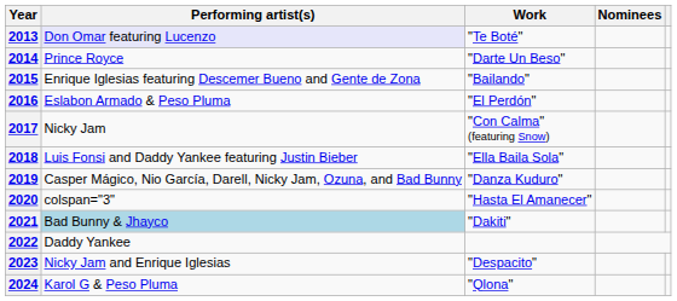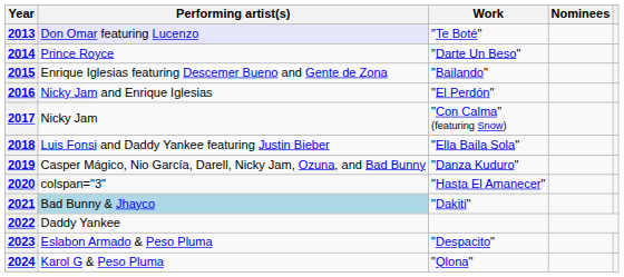 <table class="wikitable">
 <tr>
 <th>Year</th>
 <th>Performing artist(s)</th>
 <th>Work</th>
 <th>Nominees</th>
 <th></th>
 </tr>
 <tr>
 <th scope="row"><a href='#'>2013</a></th>
 <td style="background: lavender;"><a href='#'>Don Omar</a> featuring <a href='#'>Lucenzo</a></td>
 <td>"<a href='#'>Te Boté</a>"</td>
 <td></td>
 <td style="text-align:center;"></td>
 </tr>
 <tr>
 <th scope="row"><a href='#'>2014</a></th>
 <td><a href='#'>Prince Royce</a></td>
 <td>"<a href='#'>Darte Un Beso</a>"</td>
 <td></td>
 <td style="text-align:center;"><br></td>
 </tr>
 <tr>
 <th scope="row"><a href='#'>2015</a></th>
 <td>Enrique Iglesias featuring <a href='#'>Descemer Bueno</a> and <a href='#'>Gente de Zona</a></td>
 <td>"<a href='#'>Bailando</a>"</td>
 <td></td>
 <td style="text-align:center;"><br></td>
 </tr>
 <tr>
 <th scope="row"><a href='#'>2016</a></th>
-<td><a href='#'>Eslabon Armado</a> & <a href='#'>Peso Pluma</a></td>
+<td><a href='#'>Nicky Jam</a> and Enrique Iglesias</td>
 <td>"<a href='#'>El Perdón</a>"</td>
 <td></td>
 <td style="text-align:center;"></td>
 </tr>
 <tr>
 <th scope="row"><a href='#'>2017</a></th>
 <td>Nicky Jam</td>
 <td>"<a href='#'>Con Calma</a>"<br><small>(featuring <a href='#'>Snow</a>)</small></td>
 <td></td>
 <td style="text-align:center;"></td>
 </tr>
 <tr>
 <th scope="row"><a href='#'>2018</a></th>
 <td><a href='#'>Luis Fonsi</a> and Daddy Yankee featuring <a href='#'>Justin Bieber</a></td>
 <td>"<a href='#'>Ella Baila Sola</a>"</td>
 <td></td>
 <td style="text-align:center;"></td>
 </tr>
 <tr>
 <th scope="row"><a href='#'>2019</a></th>
 <td>Casper Mágico, Nio García, Darell, Nicky Jam, <a href='#'>Ozuna</a>, and <a href='#'>Bad Bunny</a></td>
 <td>"<a href='#'>Danza Kuduro</a>"</td>
 <td></td>
 <td style="text-align:center;"></td>
 </tr>
 <tr>
 <th scope="row"><a href='#'>2020</a></th>
 <td>colspan="3"</td>
 <td>"<a href='#'>Hasta El Amanecer</a>"</td>
 <td></td>
 <td style="text-align:center;"></td>
 </tr>
 <tr>
 <th scope="row"><a href='#'>2021</a></th>
 <td style="background: lightblue;">Bad Bunny & <a href='#'>Jhayco</a></td>
 <td>"<a href='#'>Dakiti</a>"</td>
 <td></td>
 <td style="text-align:center;"></td>
 </tr>
 <tr>
 <th scope="row"><a href='#'>2022</a></th>
 <td>Daddy Yankee</td>
 <td style="text-align:center;"></td>
 </tr>
 <tr>
 <th scope="row"><a href='#'>2023</a></th>
-<td><a href='#'>Nicky Jam</a> and Enrique Iglesias</td>
+<td><a href='#'>Eslabon Armado</a> & <a href='#'>Peso Pluma</a></td>
 <td>"<a href='#'>Despacito</a>"</td>
 <td></td>
 <td style="text-align:center;"></td>
 </tr>
 <tr>
 <th scope="row"><a href='#'>2024</a></th>
 <td><a href='#'>Karol G</a> & <a href='#'>Peso Pluma</a></td>
 <td>"<a href='#'>Qlona</a>"</td>
 <td></td>
 <td style="text-align:center;"><br></td>
 </tr>
 </table>
